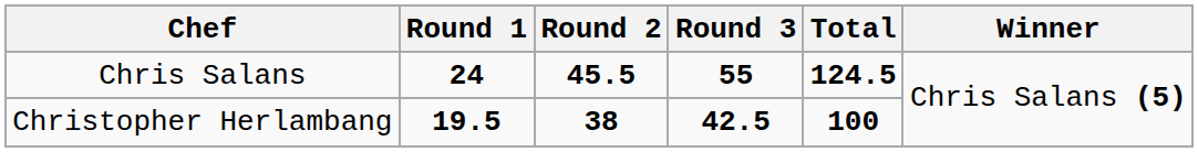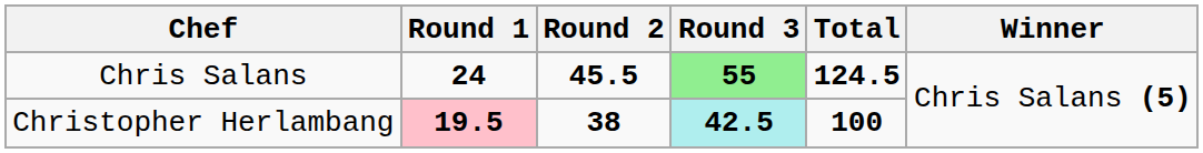 <table class="wikitable"  style="float:left; margin:auto; text-align:center;">
 <tr>
 <th>Chef</th>
 <th>Round 1</th>
 <th>Round 2</th>
 <th>Round 3</th>
 <th>Total</th>
 <th>Winner</th>
 </tr>
 <tr>
 <td>Chris Salans</td>
 <td><strong>24</strong></td>
 <td><strong>45.5</strong></td>
-<td><strong>55</strong></td>
+<td style="background: lightgreen;"><strong>55</strong></td>
 <td><strong>124.5</strong></td>
 <td rowspan=2>Chris Salans <strong>(5)</strong></td>
 </tr>
 <tr>
 <td>Christopher Herlambang</td>
-<td><strong>19.5</strong></td>
+<td style="background: pink;"><strong>19.5</strong></td>
 <td><strong>38</strong></td>
-<td><strong>42.5</strong></td>
+<td style="background: paleturquoise;"><strong>42.5</strong></td>
 <td><strong>100</strong></td>
 </tr>
 <tr>
 </tr>
 </table>
